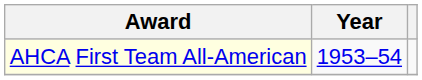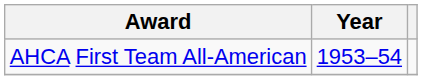 <table class="wikitable">
 <tr>
 <th>Award</th>
 <th>Year</th>
 <th></th>
 </tr>
 <tr>
-<td style="background: lightyellow;"><a href='#'>AHCA</a> <a href='#'>First Team All-American</a></td>
+<td><a href='#'>AHCA</a> <a href='#'>First Team All-American</a></td>
 <td><a href='#'>1953–54</a></td>
 <td></td>
 </tr>
 <tr>
 </tr>
 </table>
